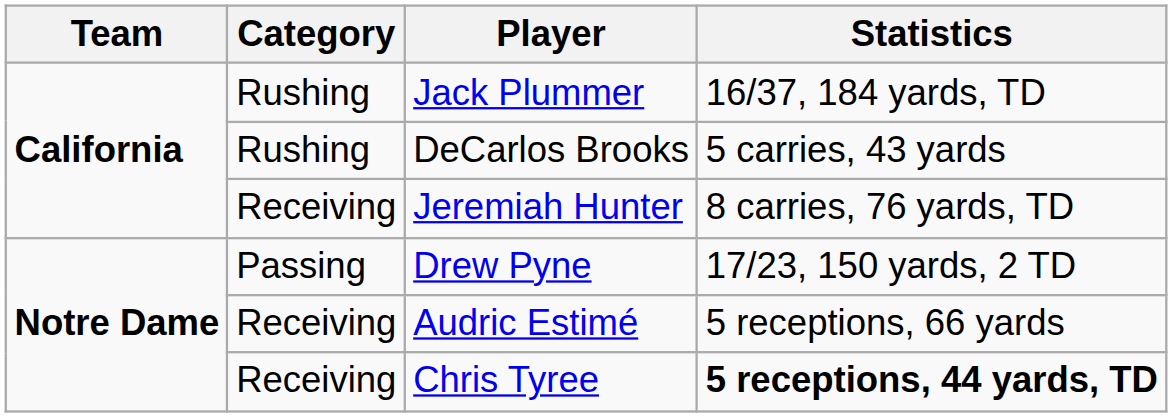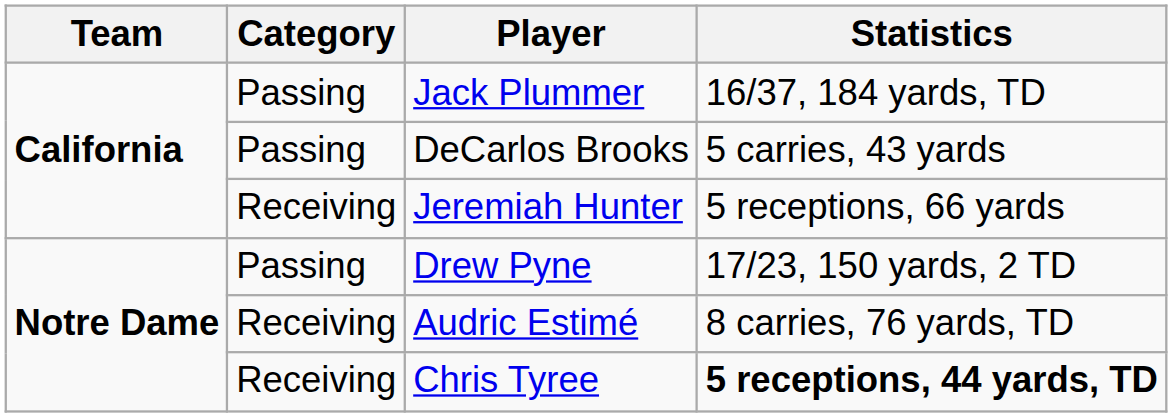 <table class="wikitable" style="float: right;">
 <tr>
 <th>Team</th>
 <th>Category</th>
 <th>Player</th>
 <th>Statistics</th>
 </tr>
 <tr>
 <td rowspan=3><strong>California</strong></td>
-<td>Rushing</td>
+<td>Passing</td>
 <td><a href='#'>Jack Plummer</a></td>
 <td>16/37, 184 yards, TD</td>
 </tr>
 <tr>
-<td>Rushing</td>
+<td>Passing</td>
 <td>DeCarlos Brooks</td>
 <td>5 carries, 43 yards</td>
 </tr>
 <tr>
 <td>Receiving</td>
 <td><a href='#'>Jeremiah Hunter</a></td>
-<td>8 carries, 76 yards, TD</td>
+<td>5 receptions, 66 yards</td>
 </tr>
 <tr>
 <td rowspan=3><strong>Notre Dame</strong></td>
 <td>Passing</td>
 <td><a href='#'>Drew Pyne</a></td>
 <td>17/23, 150 yards, 2 TD</td>
 </tr>
 <tr>
 <td>Receiving</td>
 <td><a href='#'>Audric Estimé</a></td>
-<td>5 receptions, 66 yards</td>
+<td>8 carries, 76 yards, TD</td>
 </tr>
 <tr>
 <td>Receiving</td>
 <td><a href='#'>Chris Tyree</a></td>
 <td><strong>5 receptions, 44 yards, TD</strong></td>
 </tr>
 </table>
